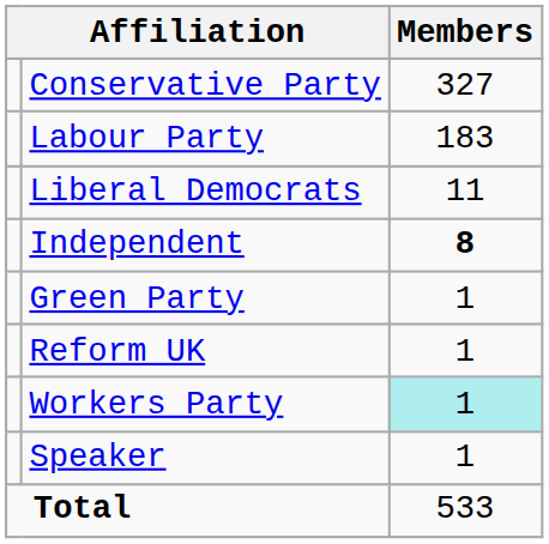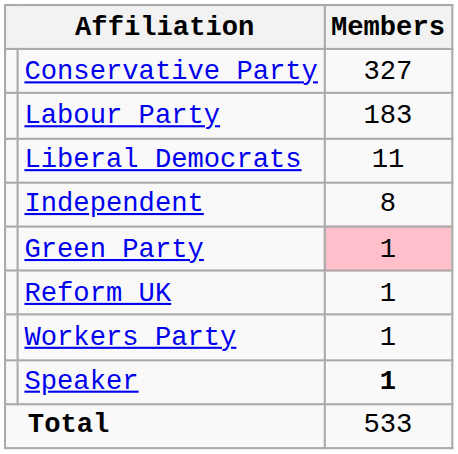 <table class="wikitable">
 <tr>
 <th colspan="2">Affiliation</th>
 <th>Members</th>
 </tr>
 <tr>
 <td style="color:inherit;background:"></td>
 <td><a href='#'>Conservative Party</a></td>
 <td style="text-align:center;">327</td>
 </tr>
 <tr>
 <td style="color:inherit;background:"></td>
 <td><a href='#'>Labour Party</a></td>
 <td style="text-align:center;">183</td>
 </tr>
 <tr>
 <td style="color:inherit;background:"></td>
 <td><a href='#'>Liberal Democrats</a></td>
 <td style="text-align:center;">11</td>
 </tr>
 <tr>
 <td style="color:inherit;background:"></td>
 <td><a href='#'>Independent</a></td>
-<td style="text-align:center;"><strong>8</strong></td>
+<td style="text-align:center;">8</td>
 </tr>
 <tr>
 <td style="color:inherit;background:"></td>
 <td><a href='#'>Green Party</a></td>
-<td style="text-align:center;">1</td>
+<td style="background: pink; text-align:center;">1</td>
 </tr>
 <tr>
 <td style="color:inherit;background:"></td>
 <td><a href='#'>Reform UK</a></td>
 <td style="text-align:center;">1</td>
 </tr>
 <tr>
 <td style="color:inherit;background:"></td>
 <td><a href='#'>Workers Party</a></td>
-<td style="background: paleturquoise; text-align:center;">1</td>
+<td style="text-align:center;">1</td>
 </tr>
 <tr>
 <td style="color:inherit;background:"></td>
 <td><a href='#'>Speaker</a></td>
-<td style="text-align:center;">1</td>
+<td style="text-align:center;"><strong>1</strong></td>
 </tr>
 <tr>
 <td colspan="2" rowspan="1"> <strong>Total</strong></td>
 <td align="center">533</td>
 </tr>
 </table>
